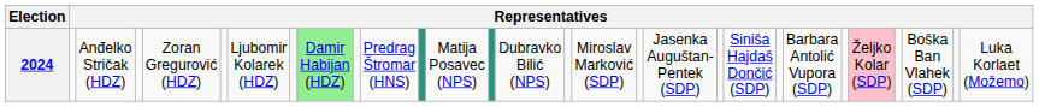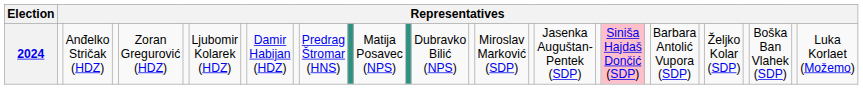 <table class=wikitable style="text-align: center;">
 <tr>
 <th style="width: 65px;">Election</th>
 <th colspan=28>Representatives</th>
 </tr>
 <tr>
 <th><a href='#'>2024</a></th>
 <td style="background:"></td>
 <td>Anđelko Stričak<br>(<a href='#'>HDZ</a>)</td>
 <td style="background:"></td>
 <td>Zoran Gregurović<br>(<a href='#'>HDZ</a>)</td>
 <td style="background:"></td>
 <td>Ljubomir Kolarek<br>(<a href='#'>HDZ</a>)</td>
 <td style="background:"></td>
-<td style="background: lightgreen;"><a href='#'>Damir Habijan</a><br>(<a href='#'>HDZ</a>)</td>
+<td><a href='#'>Damir Habijan</a><br>(<a href='#'>HDZ</a>)</td>
 <td style="background:"></td>
 <td><a href='#'>Predrag Štromar</a><br>(<a href='#'>HNS</a>)</td>
 <td style="background-color:#2c9180"></td>
 <td>Matija Posavec<br>(<a href='#'>NPS</a>)</td>
 <td style="background-color:#2c9180"></td>
 <td>Dubravko Bilić<br>(<a href='#'>NPS</a>)</td>
 <td style="background:"></td>
 <td>Miroslav Marković<br>(<a href='#'>SDP</a>)</td>
 <td style="background:"></td>
 <td>Jasenka Auguštan-Pentek<br>(<a href='#'>SDP</a>)</td>
 <td style="background:"></td>
-<td><a href='#'>Siniša Hajdaš Dončić</a><br>(<a href='#'>SDP</a>)</td>
+<td style="background: pink;"><a href='#'>Siniša Hajdaš Dončić</a><br>(<a href='#'>SDP</a>)</td>
 <td style="background:"></td>
 <td>Barbara Antolić Vupora<br>(<a href='#'>SDP</a>)</td>
 <td style="background:"></td>
-<td style="background: pink;">Željko Kolar<br>(<a href='#'>SDP</a>)</td>
+<td>Željko Kolar<br>(<a href='#'>SDP</a>)</td>
 <td style="background:"></td>
 <td>Boška Ban Vlahek<br>(<a href='#'>SDP</a>)</td>
 <td style="background:"></td>
 <td>Luka Korlaet<br>(<a href='#'>Možemo</a>)</td>
 </tr>
 </table>
